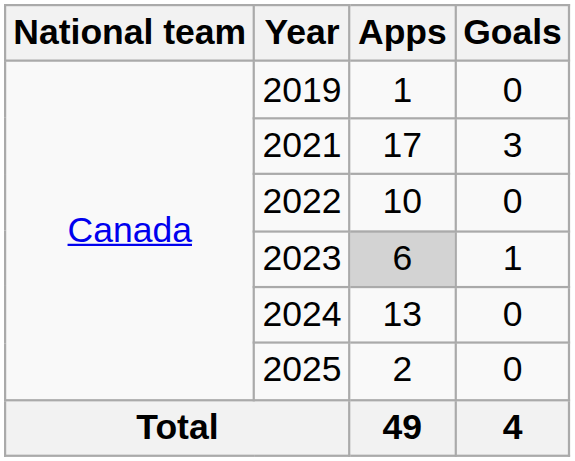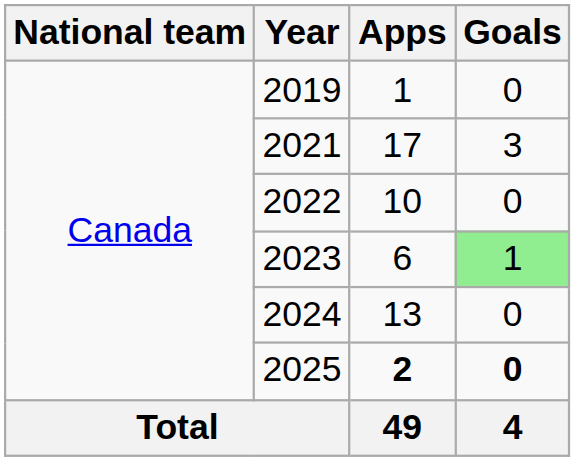 <table class="wikitable" style="text-align:center">
 <tr>
 <th>National team</th>
 <th>Year</th>
 <th>Apps</th>
 <th>Goals</th>
 </tr>
 <tr>
 <td rowspan="6"><a href='#'>Canada</a></td>
 <td>2019</td>
 <td>1</td>
 <td>0</td>
 </tr>
 <tr>
 <td>2021</td>
 <td>17</td>
 <td>3</td>
 </tr>
 <tr>
 <td>2022</td>
 <td>10</td>
 <td>0</td>
 </tr>
 <tr>
 <td>2023</td>
-<td style="background: lightgrey;">6</td>
-<td>1</td>
+<td>6</td>
+<td style="background: lightgreen;">1</td>
 </tr>
 <tr>
 <td>2024</td>
 <td>13</td>
 <td>0</td>
 </tr>
 <tr>
 <td>2025</td>
-<td>2</td>
-<td>0</td>
+<td><strong>2</strong></td>
+<td><strong>0</strong></td>
 </tr>
 <tr>
 <th colspan="2">Total</th>
 <th>49</th>
 <th>4</th>
 </tr>
 </table>
